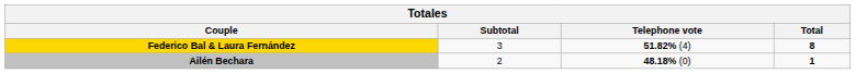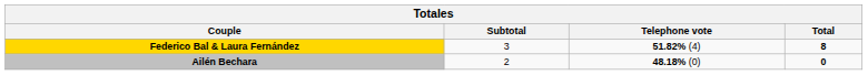 <table class="wikitable collapsible collapsed" style="font-size:90%; text-align: center; width: 100%;">
 <tr>
 <th colspan="11" style="with: 95%;" align=center><big>Totales</big></th>
 </tr>
 <tr>
 <th>Couple</th>
 <th>Subtotal</th>
 <th>Telephone vote</th>
 <th>Total</th>
 </tr>
 <tr>
 <td bgcolor="gold"><strong>Federico Bal & Laura Fernández</strong></td>
 <td>3</td>
 <td><strong>51.82%</strong> (4)</td>
 <td><strong>8</strong></td>
 </tr>
 <tr>
 <td bgcolor="Silver"><strong>Ailén Bechara</strong></td>
 <td>2</td>
 <td><strong>48.18%</strong> (0)</td>
-<td><strong>1</strong></td>
+<td><strong>0</strong></td>
 </tr>
 </table>
